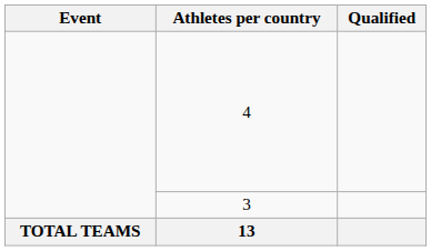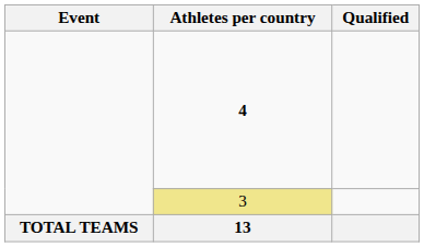 <table class=wikitable width=400>
 <tr>
 <th>Event</th>
 <th>Athletes per country</th>
 <th>Qualified</th>
 </tr>
 <tr>
 <td rowspan="2"></td>
-<td align="center">4</td>
+<td align="center"><strong>4</strong></td>
 <td><br><br><br><br><br><br><br><br></td>
 </tr>
 <tr>
-<td align="center">3</td>
+<td align="center" style="background: khaki;">3</td>
 <td><br></td>
 </tr>
 <tr>
 <th>TOTAL TEAMS</th>
 <th>13</th>
 <th></th>
 </tr>
 </table>
